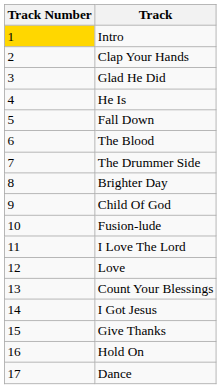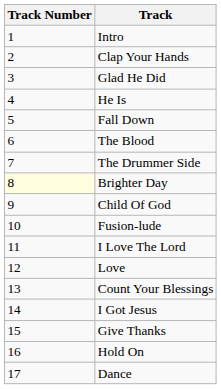 <table class="wikitable" border="1">
 <tr>
 <th>Track Number</th>
 <th>Track</th>
 </tr>
 <tr>
-<td style="background: gold;">1</td>
+<td>1</td>
 <td>Intro</td>
 </tr>
 <tr>
 <td>2</td>
 <td>Clap Your Hands</td>
 </tr>
 <tr>
 <td>3</td>
 <td>Glad He Did</td>
 </tr>
 <tr>
 <td>4</td>
 <td>He Is</td>
 </tr>
 <tr>
 <td>5</td>
 <td>Fall Down</td>
 </tr>
 <tr>
 <td>6</td>
 <td>The Blood</td>
 </tr>
 <tr>
 <td>7</td>
 <td>The Drummer Side</td>
 </tr>
 <tr>
-<td>8</td>
+<td style="background: lightyellow;">8</td>
 <td>Brighter Day</td>
 </tr>
 <tr>
 <td>9</td>
 <td>Child Of God</td>
 </tr>
 <tr>
 <td>10</td>
 <td>Fusion-lude</td>
 </tr>
 <tr>
 <td>11</td>
 <td>I Love The Lord</td>
 </tr>
 <tr>
 <td>12</td>
 <td>Love</td>
 </tr>
 <tr>
 <td>13</td>
 <td>Count Your Blessings</td>
 </tr>
 <tr>
 <td>14</td>
 <td>I Got Jesus</td>
 </tr>
 <tr>
 <td>15</td>
 <td>Give Thanks</td>
 </tr>
 <tr>
 <td>16</td>
 <td>Hold On</td>
 </tr>
 <tr>
 <td>17</td>
 <td>Dance</td>
 </tr>
 </table>
